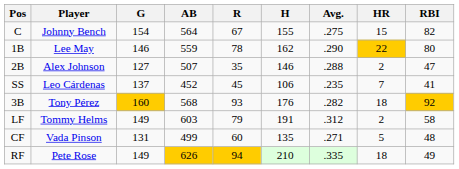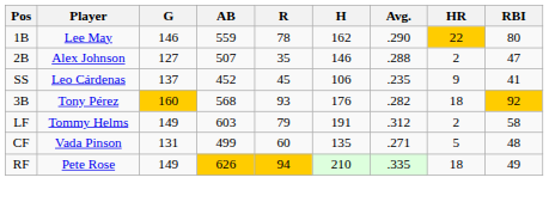 <table class="wikitable sortable">
 <tr>
 <th bgcolor="#DDDDFF" width="5%">Pos</th>
 <th bgcolor="#DDDDFF" width="16%">Player</th>
 <th bgcolor="#DDDDFF" width="9%">G</th>
 <th bgcolor="#DDDDFF" width="9%">AB</th>
 <th bgcolor="#DDDDFF" width="9%">R</th>
 <th bgcolor="#DDDDFF" width="9%">H</th>
 <th bgcolor="#DDDDFF" width="9%">Avg.</th>
 <th bgcolor="#DDDDFF" width="9%">HR</th>
 <th bgcolor="#DDDDFF" width="9%">RBI</th>
-</tr>
-<tr align="center">
-<td>C</td>
-<td><a href='#'>Johnny Bench</a></td>
-<td>154</td>
-<td>564</td>
-<td>67</td>
-<td>155</td>
-<td>.275</td>
-<td>15</td>
-<td>82</td>
 </tr>
 <tr align=center>
 <td>1B</td>
 <td><a href='#'>Lee May</a></td>
 <td>146</td>
 <td>559</td>
 <td>78</td>
 <td>162</td>
 <td>.290</td>
 <td style="background:#fc0;">22</td>
 <td>80</td>
 </tr>
 <tr align=center>
 <td>2B</td>
 <td><a href='#'>Alex Johnson</a></td>
 <td>127</td>
 <td>507</td>
 <td>35</td>
 <td>146</td>
 <td>.288</td>
 <td>2</td>
 <td>47</td>
 </tr>
 <tr align=center>
 <td>SS</td>
 <td><a href='#'>Leo Cárdenas</a></td>
 <td>137</td>
 <td>452</td>
 <td>45</td>
 <td>106</td>
 <td>.235</td>
-<td>7</td>
+<td>9</td>
 <td>41</td>
 </tr>
 <tr align=center>
 <td>3B</td>
 <td><a href='#'>Tony Pérez</a></td>
 <td style="background:#fc0;">160</td>
 <td>568</td>
 <td>93</td>
 <td>176</td>
 <td>.282</td>
 <td>18</td>
 <td style="background:#fc0;">92</td>
 </tr>
 <tr align=center>
 <td>LF</td>
 <td><a href='#'>Tommy Helms</a></td>
 <td>149</td>
 <td>603</td>
 <td>79</td>
 <td>191</td>
 <td>.312</td>
 <td>2</td>
 <td>58</td>
 </tr>
 <tr align=center>
 <td>CF</td>
 <td><a href='#'>Vada Pinson</a></td>
 <td>131</td>
 <td>499</td>
 <td>60</td>
 <td>135</td>
 <td>.271</td>
 <td>5</td>
 <td>48</td>
 </tr>
 <tr align=center>
 <td>RF</td>
 <td><a href='#'>Pete Rose</a></td>
 <td>149</td>
 <td style="background:#fc0;">626</td>
 <td style="background:#fc0;">94</td>
 <td style="background:#DDFFDD;">210</td>
 <td style="background:#DDFFDD;">.335</td>
 <td>18</td>
 <td>49</td>
 </tr>
 </table>
